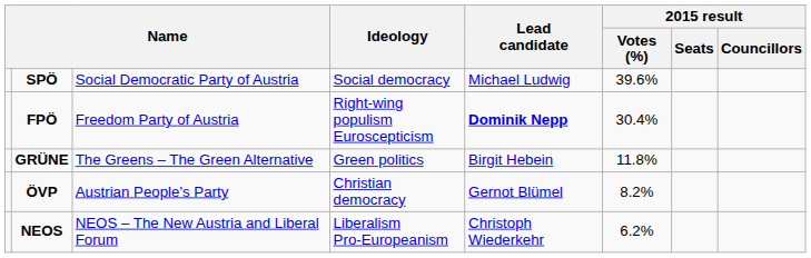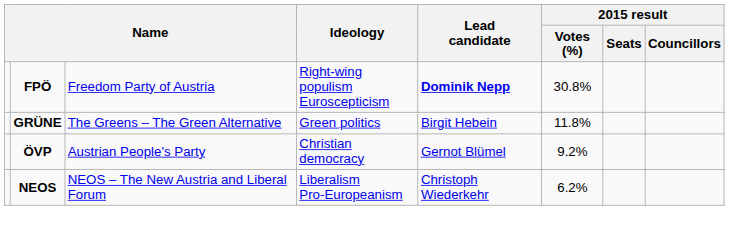 <table class="wikitable">
 <tr>
 <th rowspan="2" colspan="3">Name</th>
 <th rowspan="2">Ideology</th>
 <th rowspan="2">Lead<br>candidate</th>
 <th colspan="3">2015 result</th>
 </tr>
 <tr>
 <th>Votes (%)</th>
 <th>Seats</th>
 <th>Councillors</th>
 </tr>
 <tr>
 <td style="background:"></td>
-<td style="text-align:center;"><strong>SPÖ</strong></td>
-<td><a href='#'>Social Democratic Party of Austria</a><br></td>
-<td><a href='#'>Social democracy</a></td>
-<td><a href='#'>Michael Ludwig</a></td>
-<td style="text-align:center;">39.6%</td>
-<td></td>
-<td></td>
-</tr>
-<tr>
-<td style="background:"></td>
 <td style="text-align:center;"><strong>FPÖ</strong></td>
 <td><a href='#'>Freedom Party of Austria</a><br></td>
 <td><a href='#'>Right-wing populism</a><br><a href='#'>Euroscepticism</a></td>
 <td><strong><a href='#'>Dominik Nepp</a></strong></td>
-<td style="text-align:center;">30.4%</td>
+<td style="text-align:center;">30.8%</td>
 <td></td>
 <td></td>
 </tr>
 <tr>
 <td style="background:"></td>
 <td style="text-align:center;"><strong>GRÜNE</strong></td>
 <td><a href='#'>The Greens – The Green Alternative</a><br></td>
 <td><a href='#'>Green politics</a></td>
 <td><a href='#'>Birgit Hebein</a></td>
 <td style="text-align:center;">11.8%</td>
 <td></td>
 <td></td>
 </tr>
 <tr>
 <td style="background:"></td>
 <td style="text-align:center;"><strong>ÖVP</strong></td>
 <td><a href='#'>Austrian People's Party</a><br></td>
 <td><a href='#'>Christian democracy</a></td>
 <td><a href='#'>Gernot Blümel</a></td>
-<td style="text-align:center;">8.2%</td>
+<td style="text-align:center;">9.2%</td>
 <td></td>
 <td></td>
 </tr>
 <tr>
 <td style="background:"></td>
 <td style="text-align:center;"><strong>NEOS</strong></td>
 <td><a href='#'>NEOS – The New Austria and Liberal Forum</a><br></td>
 <td><a href='#'>Liberalism</a><br><a href='#'>Pro-Europeanism</a></td>
 <td><a href='#'>Christoph Wiederkehr</a></td>
 <td style="text-align:center;">6.2%</td>
 <td></td>
 <td></td>
 </tr>
 </table>
